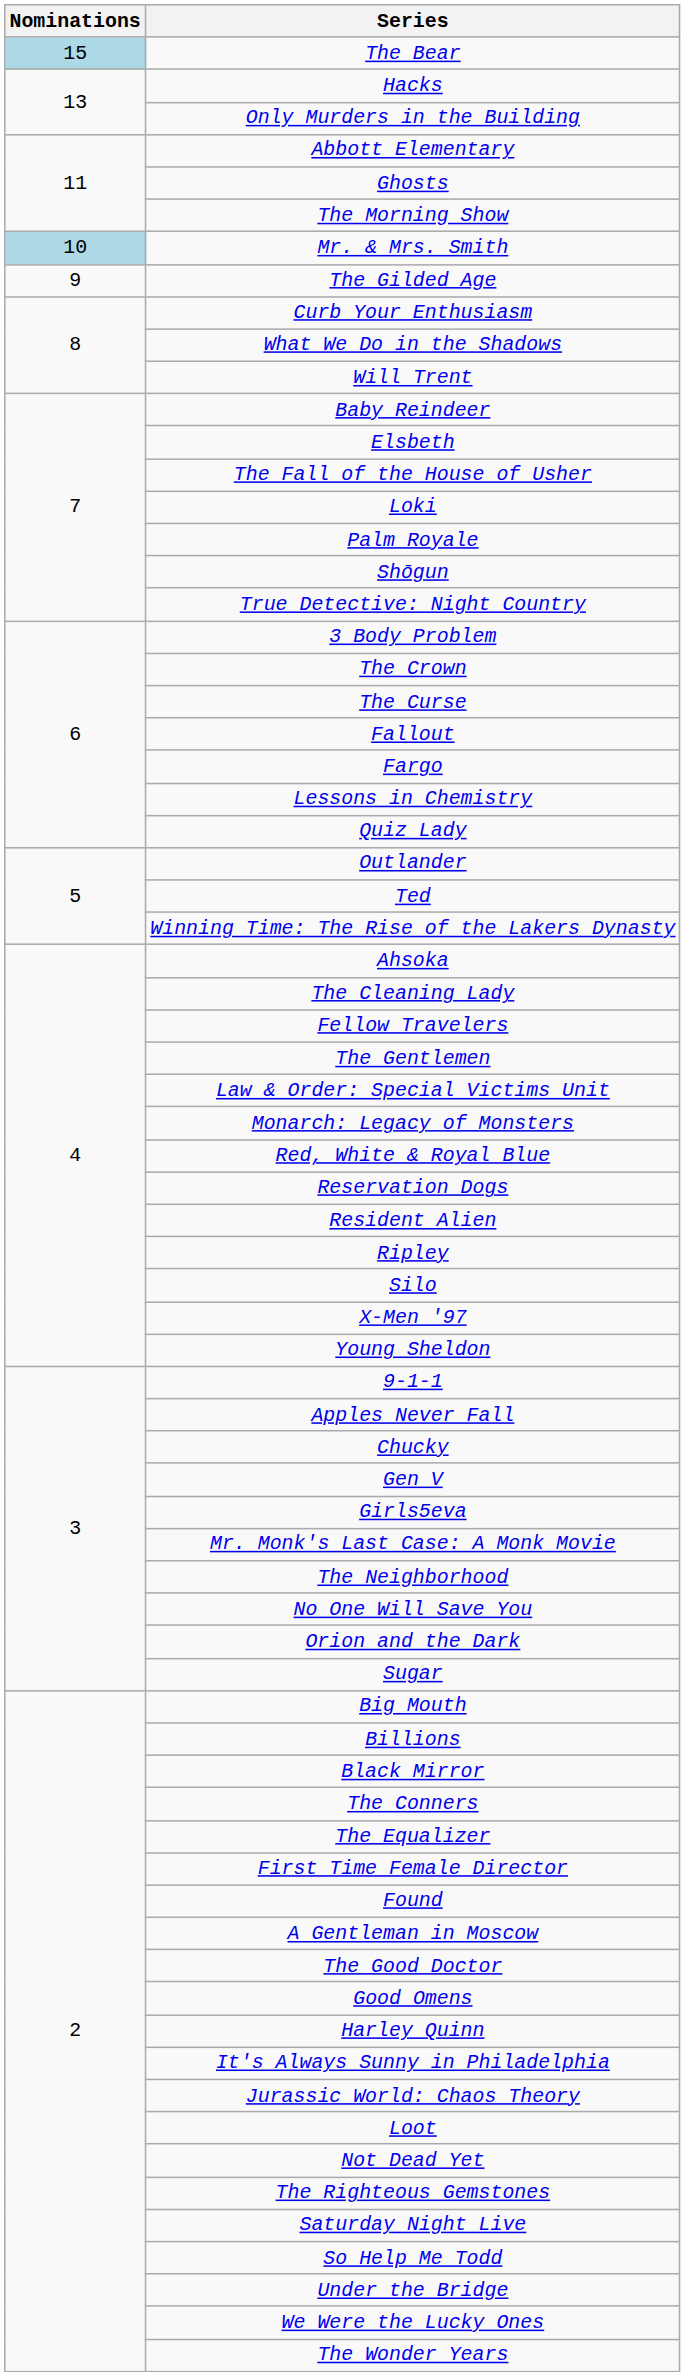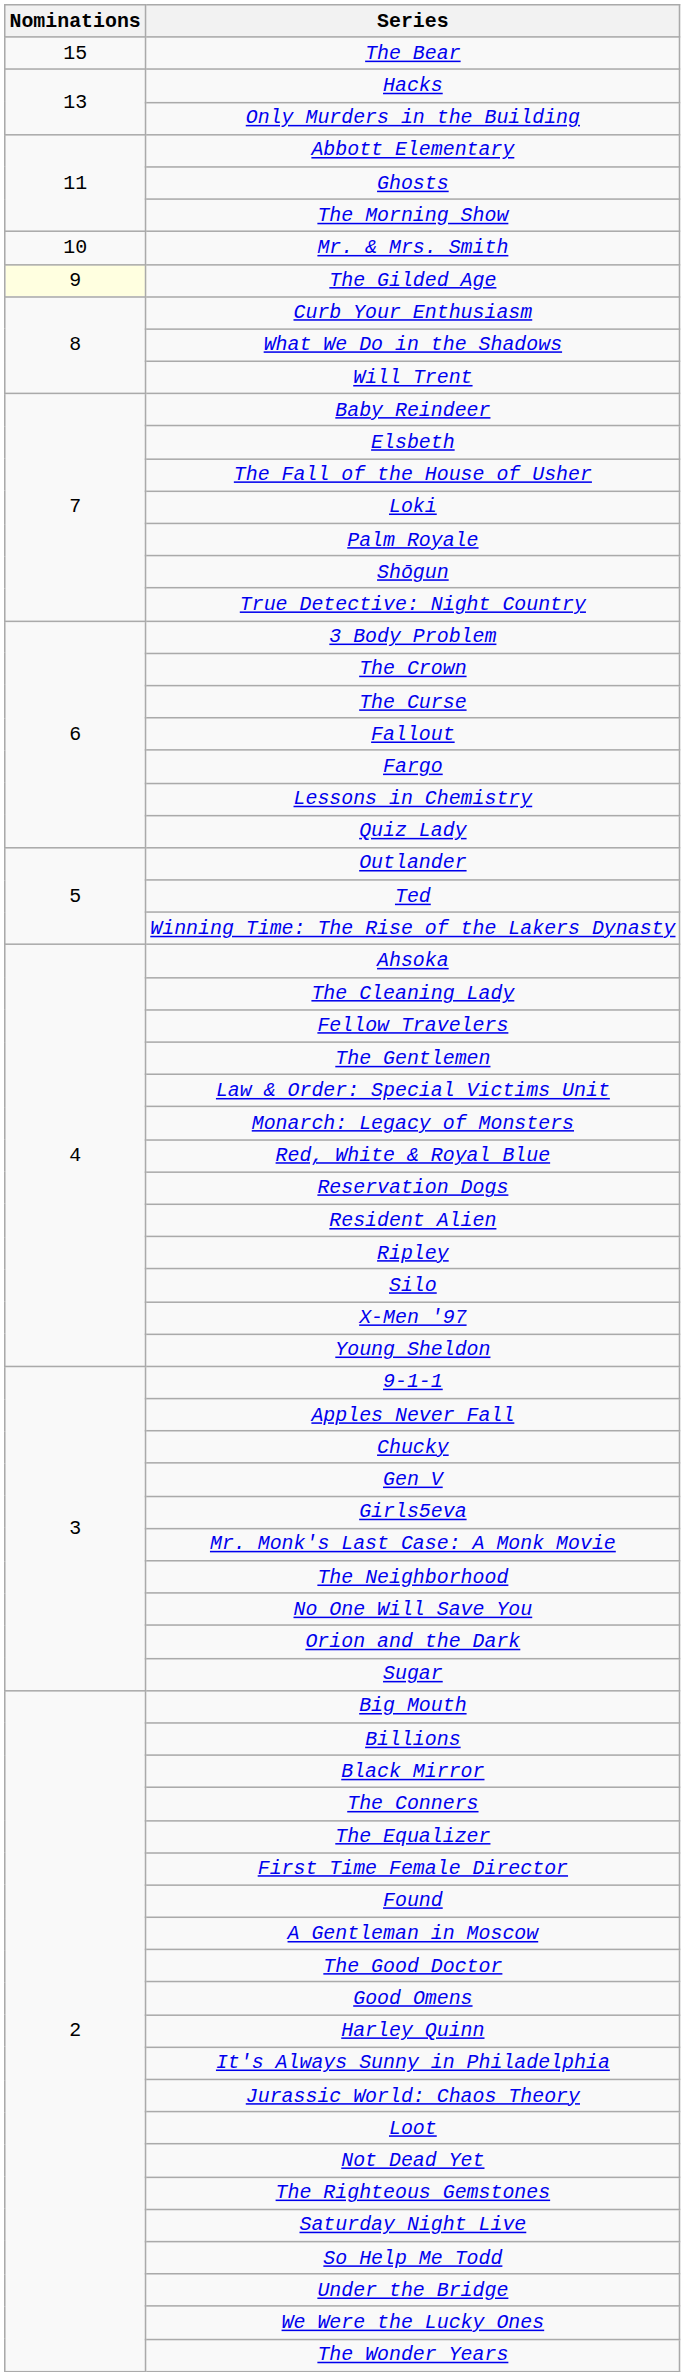 <table class="wikitable" rowspan=2 border=2 style="text-align:center;">
 <tr>
 <th scope="col" style="width:55px;">Nominations</th>
 <th scope="col" style="text-align:center;">Series</th>
 </tr>
 <tr>
-<td style="background: lightblue; text-align:center">15</td>
+<td style="text-align:center">15</td>
 <td><em><a href='#'>The Bear</a></em></td>
 </tr>
 <tr>
 <td rowspan="2" style="text-align:center">13</td>
 <td><em><a href='#'>Hacks</a></em></td>
 </tr>
 <tr>
 <td><em><a href='#'>Only Murders in the Building</a></em></td>
 </tr>
 <tr>
 <td rowspan="3" style="text-align:center">11</td>
 <td><em><a href='#'>Abbott Elementary</a></em></td>
 </tr>
 <tr>
 <td><em><a href='#'>Ghosts</a></em></td>
 </tr>
 <tr>
 <td><em><a href='#'>The Morning Show</a></em></td>
 </tr>
 <tr>
-<td style="background: lightblue; text-align:center">10</td>
+<td style="text-align:center">10</td>
 <td><em><a href='#'>Mr. & Mrs. Smith</a></em></td>
 </tr>
 <tr>
-<td style="text-align:center">9</td>
+<td style="background: lightyellow; text-align:center">9</td>
 <td><em><a href='#'>The Gilded Age</a></em></td>
 </tr>
 <tr>
 <td rowspan="3" style="text-align:center">8</td>
 <td><em><a href='#'>Curb Your Enthusiasm</a></em></td>
 </tr>
 <tr>
 <td><em><a href='#'>What We Do in the Shadows</a></em></td>
 </tr>
 <tr>
 <td><em><a href='#'>Will Trent</a></em></td>
 </tr>
 <tr>
 <td rowspan="7" style="text-align:center">7</td>
 <td><em><a href='#'>Baby Reindeer</a></em></td>
 </tr>
 <tr>
 <td><em><a href='#'>Elsbeth</a></em></td>
 </tr>
 <tr>
 <td><em><a href='#'>The Fall of the House of Usher</a></em></td>
 </tr>
 <tr>
 <td><em><a href='#'>Loki</a></em></td>
 </tr>
 <tr>
 <td><em><a href='#'>Palm Royale</a></em></td>
 </tr>
 <tr>
 <td><em><a href='#'>Shōgun</a></em></td>
 </tr>
 <tr>
 <td><em><a href='#'>True Detective: Night Country</a></em></td>
 </tr>
 <tr>
 <td rowspan="7" style="text-align:center">6</td>
 <td><em><a href='#'>3 Body Problem</a></em></td>
 </tr>
 <tr>
 <td><em><a href='#'>The Crown</a></em></td>
 </tr>
 <tr>
 <td><em><a href='#'>The Curse</a></em></td>
 </tr>
 <tr>
 <td><em><a href='#'>Fallout</a></em></td>
 </tr>
 <tr>
 <td><em><a href='#'>Fargo</a></em></td>
 </tr>
 <tr>
 <td><em><a href='#'>Lessons in Chemistry</a></em></td>
 </tr>
 <tr>
 <td><em><a href='#'>Quiz Lady</a></em></td>
 </tr>
 <tr>
 <td rowspan="3" style="text-align:center">5</td>
 <td><em><a href='#'>Outlander</a></em></td>
 </tr>
 <tr>
 <td><em><a href='#'>Ted</a></em></td>
 </tr>
 <tr>
 <td><em><a href='#'>Winning Time: The Rise of the Lakers Dynasty</a></em></td>
 </tr>
 <tr>
 <td rowspan="13" style="text-align:center">4</td>
 <td><em><a href='#'>Ahsoka</a></em></td>
 </tr>
 <tr>
 <td><em><a href='#'>The Cleaning Lady</a></em></td>
 </tr>
 <tr>
 <td><em><a href='#'>Fellow Travelers</a></em></td>
 </tr>
 <tr>
 <td><em><a href='#'>The Gentlemen</a></em></td>
 </tr>
 <tr>
 <td><em><a href='#'>Law & Order: Special Victims Unit</a></em></td>
 </tr>
 <tr>
 <td><em><a href='#'>Monarch: Legacy of Monsters</a></em></td>
 </tr>
 <tr>
 <td><em><a href='#'>Red, White & Royal Blue</a></em></td>
 </tr>
 <tr>
 <td><em><a href='#'>Reservation Dogs</a></em></td>
 </tr>
 <tr>
 <td><em><a href='#'>Resident Alien</a></em></td>
 </tr>
 <tr>
 <td><em><a href='#'>Ripley</a></em></td>
 </tr>
 <tr>
 <td><em><a href='#'>Silo</a></em></td>
 </tr>
 <tr>
 <td><em><a href='#'>X-Men '97</a></em></td>
 </tr>
 <tr>
 <td><em><a href='#'>Young Sheldon</a></em></td>
 </tr>
 <tr>
 <td rowspan="10" style="text-align:center">3</td>
 <td><em><a href='#'>9-1-1</a></em></td>
 </tr>
 <tr>
 <td><em><a href='#'>Apples Never Fall</a></em></td>
 </tr>
 <tr>
 <td><em><a href='#'>Chucky</a></em></td>
 </tr>
 <tr>
 <td><em><a href='#'>Gen V</a></em></td>
 </tr>
 <tr>
 <td><em><a href='#'>Girls5eva</a></em></td>
 </tr>
 <tr>
 <td><em><a href='#'>Mr. Monk's Last Case: A Monk Movie</a></em></td>
 </tr>
 <tr>
 <td><em><a href='#'>The Neighborhood</a></em></td>
 </tr>
 <tr>
 <td><em><a href='#'>No One Will Save You</a></em></td>
 </tr>
 <tr>
 <td><em><a href='#'>Orion and the Dark</a></em></td>
 </tr>
 <tr>
 <td><em><a href='#'>Sugar</a></em></td>
 </tr>
 <tr>
 <td rowspan="21" style="text-align:center">2</td>
 <td><em><a href='#'>Big Mouth</a></em></td>
 </tr>
 <tr>
 <td><em><a href='#'>Billions</a></em></td>
 </tr>
 <tr>
 <td><em><a href='#'>Black Mirror</a></em></td>
 </tr>
 <tr>
 <td><em><a href='#'>The Conners</a></em></td>
 </tr>
 <tr>
 <td><em><a href='#'>The Equalizer</a></em></td>
 </tr>
 <tr>
 <td><em><a href='#'>First Time Female Director</a></em></td>
 </tr>
 <tr>
 <td><em><a href='#'>Found</a></em></td>
 </tr>
 <tr>
 <td><em><a href='#'>A Gentleman in Moscow</a></em></td>
 </tr>
 <tr>
 <td><em><a href='#'>The Good Doctor</a></em></td>
 </tr>
 <tr>
 <td><em><a href='#'>Good Omens</a></em></td>
 </tr>
 <tr>
 <td><em><a href='#'>Harley Quinn</a></em></td>
 </tr>
 <tr>
 <td><em><a href='#'>It's Always Sunny in Philadelphia</a></em></td>
 </tr>
 <tr>
 <td><em><a href='#'>Jurassic World: Chaos Theory</a></em></td>
 </tr>
 <tr>
 <td><em><a href='#'>Loot</a></em></td>
 </tr>
 <tr>
 <td><em><a href='#'>Not Dead Yet</a></em></td>
 </tr>
 <tr>
 <td><em><a href='#'>The Righteous Gemstones</a></em></td>
 </tr>
 <tr>
 <td><em><a href='#'>Saturday Night Live</a></em></td>
 </tr>
 <tr>
 <td><em><a href='#'>So Help Me Todd</a></em></td>
 </tr>
 <tr>
 <td><em><a href='#'>Under the Bridge</a></em></td>
 </tr>
 <tr>
 <td><em><a href='#'>We Were the Lucky Ones</a></em></td>
 </tr>
 <tr>
 <td><em><a href='#'>The Wonder Years</a></em></td>
 </tr>
 </table>
